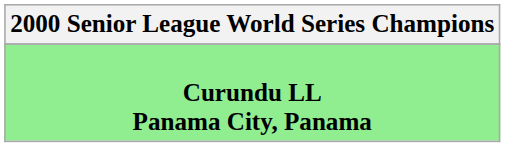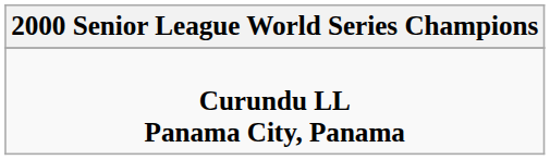 <table class="wikitable" style="text-align: center; margin: 0 auto;">
 <tr>
 <th>2000 Senior League World Series Champions</th>
 </tr>
 <tr>
 </tr>
 <tr>
-<td style="background: lightgreen;"><br><strong>Curundu LL</strong><br> <strong>Panama City, Panama</strong></td>
+<td><br><strong>Curundu LL</strong><br> <strong>Panama City, Panama</strong></td>
 </tr>
 </table>
